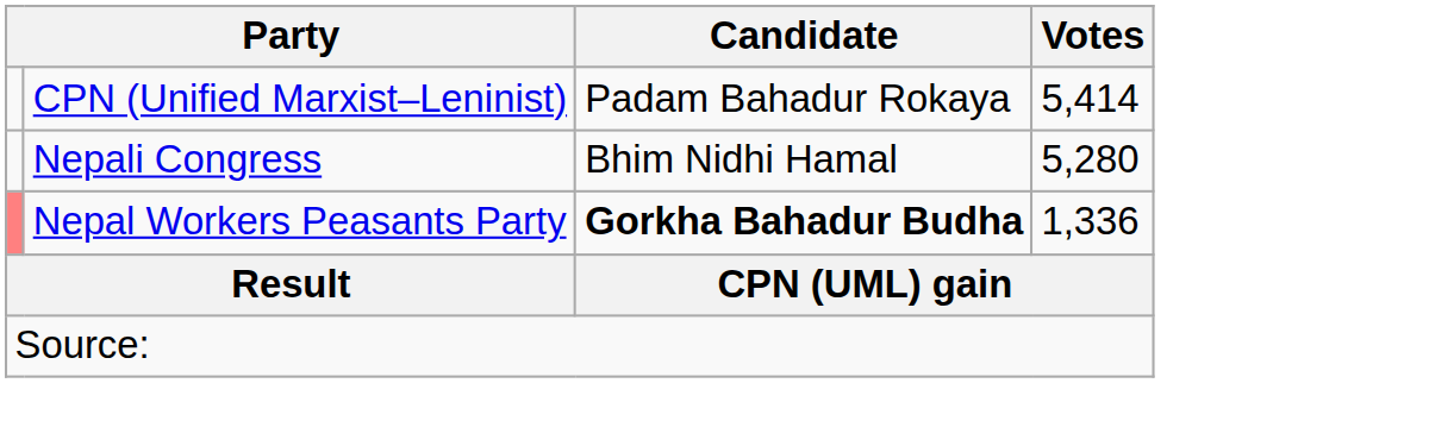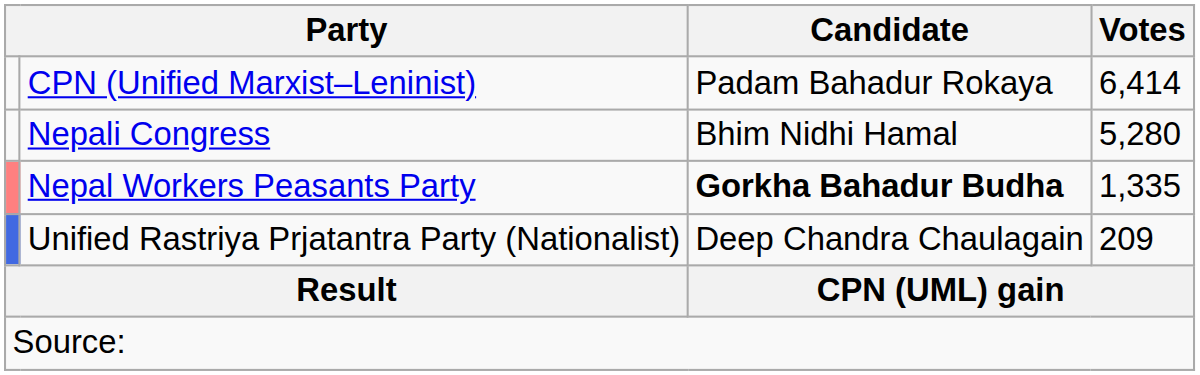 <table class="wikitable">
 <tr>
 <th colspan="2">Party</th>
 <th>Candidate</th>
 <th>Votes</th>
 </tr>
 <tr>
 <td style="background-color:"></td>
 <td><a href='#'>CPN (Unified Marxist–Leninist)</a></td>
 <td>Padam Bahadur Rokaya</td>
-<td>5,414</td>
+<td>6,414</td>
 </tr>
 <tr>
 <td style="background-color:"></td>
 <td><a href='#'>Nepali Congress</a></td>
 <td>Bhim Nidhi Hamal</td>
 <td>5,280</td>
 </tr>
 <tr>
 <td style="background-color:#FF8080"></td>
 <td><a href='#'>Nepal Workers Peasants Party</a></td>
 <td><strong>Gorkha Bahadur Budha</strong></td>
-<td>1,336</td>
+<td>1,335</td>
+</tr>
+<tr>
+<td style="background-color:royalblue"></td>
+<td>Unified Rastriya Prjatantra Party (Nationalist)</td>
+<td>Deep Chandra Chaulagain</td>
+<td>209</td>
 </tr>
 <tr>
 <th colspan="2">Result</th>
 <th colspan="2">CPN (UML) gain</th>
 </tr>
 <tr>
 <td colspan="4">Source: </td>
 </tr>
 </table>
